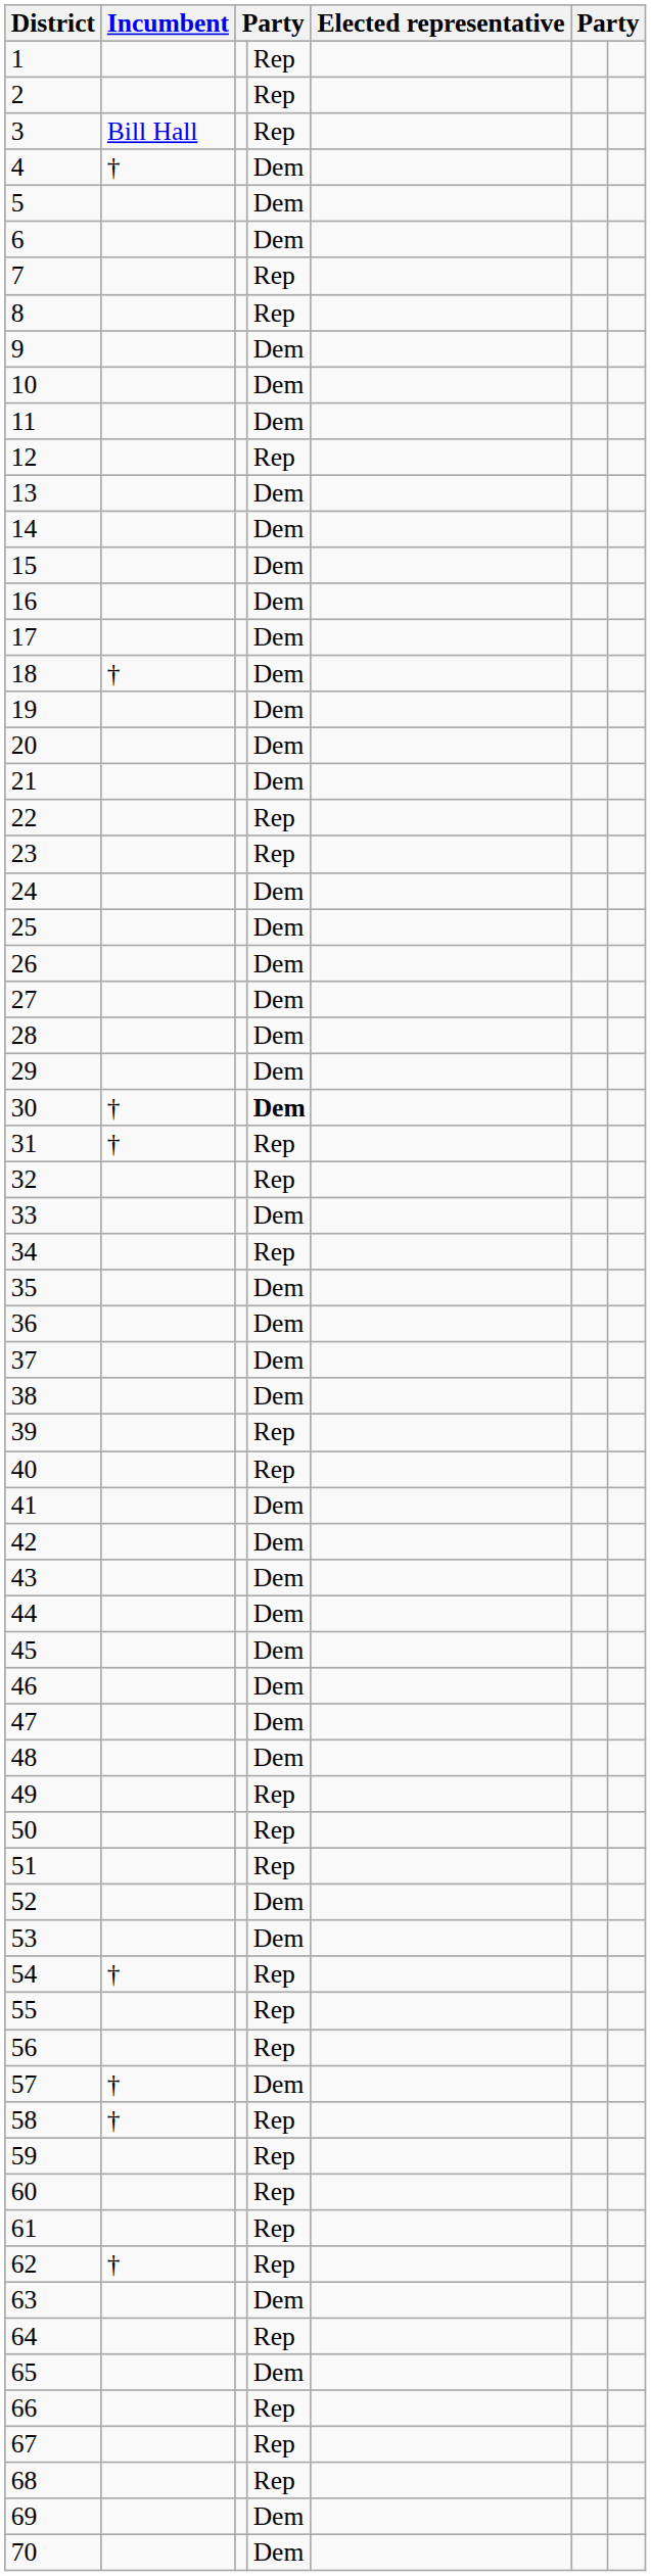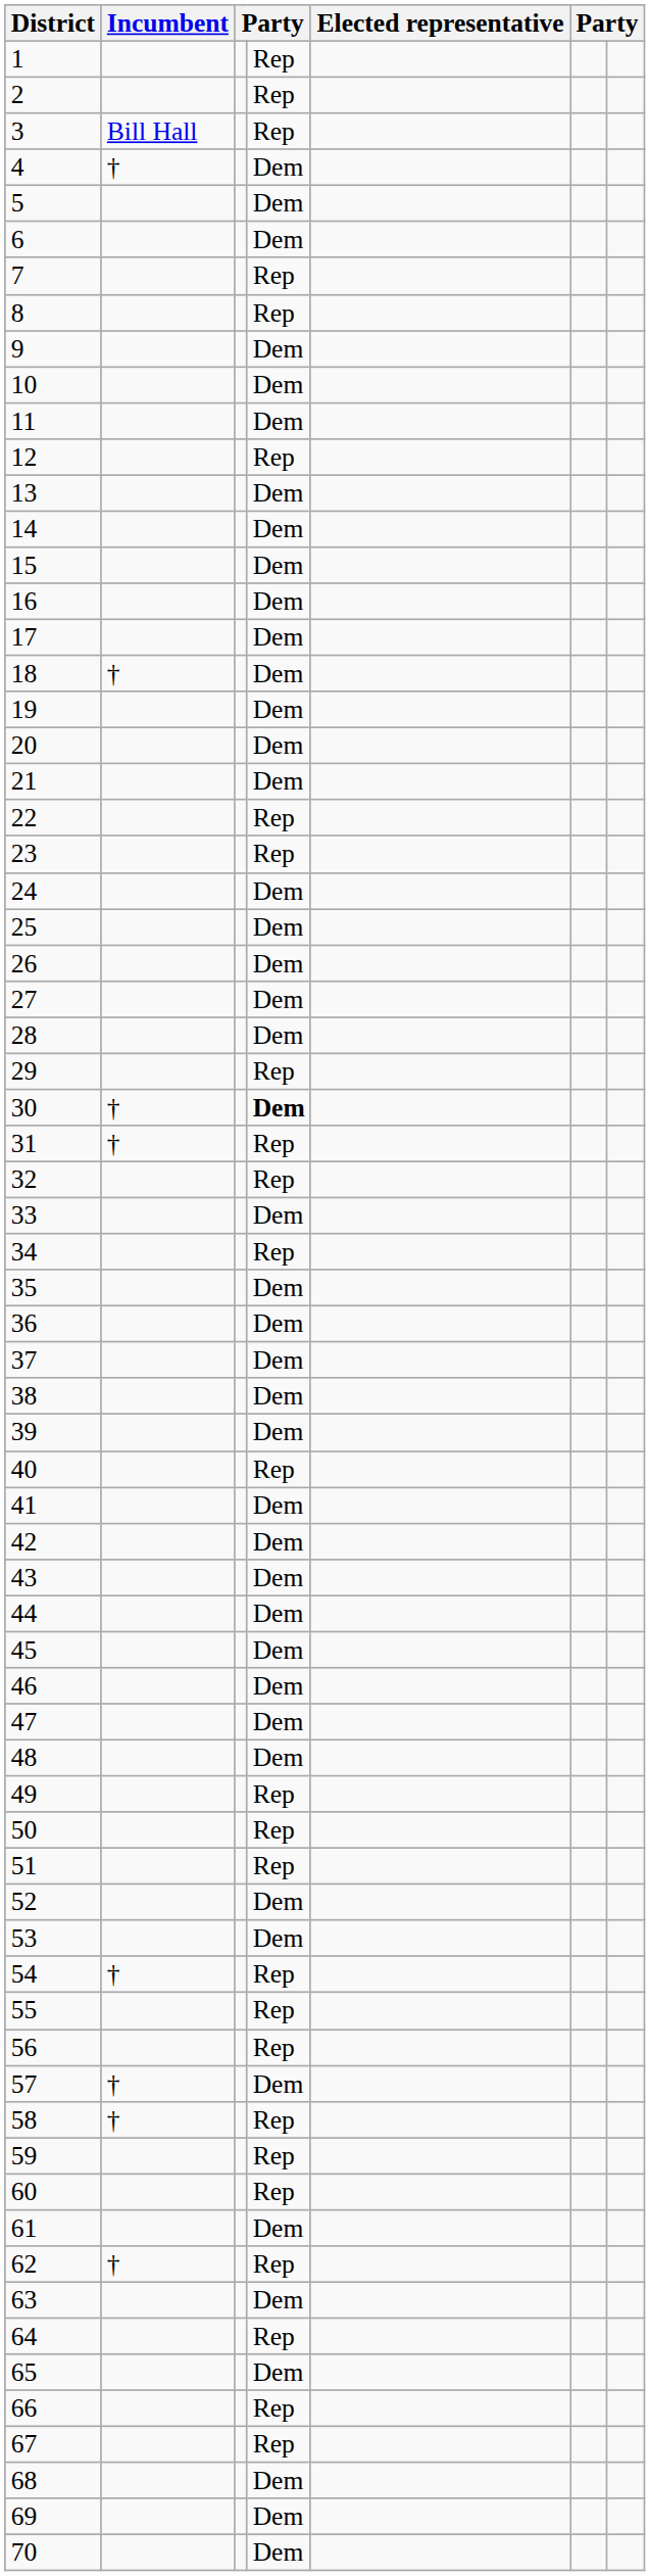 <table class="wikitable sortable" style="font-size:95%;line-height:14px;">
 <tr>
 <th>District</th>
 <th><a href='#'>Incumbent</a></th>
 <th colspan=2>Party</th>
 <th>Elected representative</th>
 <th colspan=2>Party</th>
 </tr>
 <tr>
 <td>1</td>
 <td></td>
 <td style="background:"></td>
 <td>Rep</td>
 <td></td>
 <td></td>
 <td></td>
 </tr>
 <tr>
 <td>2</td>
 <td></td>
 <td style="background:"></td>
 <td>Rep</td>
 <td></td>
 <td></td>
 <td></td>
 </tr>
 <tr>
 <td>3</td>
 <td><a href='#'>Bill Hall</a></td>
 <td style="background:"></td>
 <td>Rep</td>
 <td></td>
 <td></td>
 <td></td>
 </tr>
 <tr>
 <td>4</td>
 <td>†</td>
 <td style="background:"></td>
 <td>Dem</td>
 <td></td>
 <td></td>
 <td></td>
 </tr>
 <tr>
 <td>5</td>
 <td></td>
 <td style="background:"></td>
 <td>Dem</td>
 <td></td>
 <td></td>
 <td></td>
 </tr>
 <tr>
 <td>6</td>
 <td></td>
 <td style="background:"></td>
 <td>Dem</td>
 <td></td>
 <td></td>
 <td></td>
 </tr>
 <tr>
 <td>7</td>
 <td></td>
 <td style="background:"></td>
 <td>Rep</td>
 <td></td>
 <td></td>
 <td></td>
 </tr>
 <tr>
 <td>8</td>
 <td></td>
 <td style="background:"></td>
 <td>Rep</td>
 <td></td>
 <td></td>
 <td></td>
 </tr>
 <tr>
 <td>9</td>
 <td></td>
 <td style="background:"></td>
 <td>Dem</td>
 <td></td>
 <td></td>
 <td></td>
 </tr>
 <tr>
 <td>10</td>
 <td></td>
 <td style="background:"></td>
 <td>Dem</td>
 <td></td>
 <td></td>
 <td></td>
 </tr>
 <tr>
 <td>11</td>
 <td></td>
 <td style="background:"></td>
 <td>Dem</td>
 <td></td>
 <td></td>
 <td></td>
 </tr>
 <tr>
 <td>12</td>
 <td></td>
 <td style="background:"></td>
 <td>Rep</td>
 <td></td>
 <td></td>
 <td></td>
 </tr>
 <tr>
 <td>13</td>
 <td></td>
 <td style="background:"></td>
 <td>Dem</td>
 <td></td>
 <td></td>
 <td></td>
 </tr>
 <tr>
 <td>14</td>
 <td></td>
 <td style="background:"></td>
 <td>Dem</td>
 <td></td>
 <td></td>
 <td></td>
 </tr>
 <tr>
 <td>15</td>
 <td></td>
 <td style="background:"></td>
 <td>Dem</td>
 <td></td>
 <td></td>
 <td></td>
 </tr>
 <tr>
 <td>16</td>
 <td></td>
 <td style="background:"></td>
 <td>Dem</td>
 <td></td>
 <td></td>
 <td></td>
 </tr>
 <tr>
 <td>17</td>
 <td></td>
 <td style="background:"></td>
 <td>Dem</td>
 <td></td>
 <td></td>
 <td></td>
 </tr>
 <tr>
 <td>18</td>
 <td>†</td>
 <td style="background:"></td>
 <td>Dem</td>
 <td></td>
 <td></td>
 <td></td>
 </tr>
 <tr>
 <td>19</td>
 <td></td>
 <td style="background:"></td>
 <td>Dem</td>
 <td></td>
 <td></td>
 <td></td>
 </tr>
 <tr>
 <td>20</td>
 <td></td>
 <td style="background:"></td>
 <td>Dem</td>
 <td></td>
 <td></td>
 <td></td>
 </tr>
 <tr>
 <td>21</td>
 <td></td>
 <td style="background:"></td>
 <td>Dem</td>
 <td></td>
 <td></td>
 <td></td>
 </tr>
 <tr>
 <td>22</td>
 <td></td>
 <td style="background:"></td>
 <td>Rep</td>
 <td></td>
 <td></td>
 <td></td>
 </tr>
 <tr>
 <td>23</td>
 <td></td>
 <td style="background:"></td>
 <td>Rep</td>
 <td></td>
 <td></td>
 <td></td>
 </tr>
 <tr>
 <td>24</td>
 <td></td>
 <td style="background:"></td>
 <td>Dem</td>
 <td></td>
 <td></td>
 <td></td>
 </tr>
 <tr>
 <td>25</td>
 <td></td>
 <td style="background:"></td>
 <td>Dem</td>
 <td></td>
 <td></td>
 <td></td>
 </tr>
 <tr>
 <td>26</td>
 <td></td>
 <td style="background:"></td>
 <td>Dem</td>
 <td></td>
 <td></td>
 <td></td>
 </tr>
 <tr>
 <td>27</td>
 <td></td>
 <td style="background:"></td>
 <td>Dem</td>
 <td></td>
 <td></td>
 <td></td>
 </tr>
 <tr>
 <td>28</td>
 <td></td>
 <td style="background:"></td>
 <td>Dem</td>
 <td></td>
 <td></td>
 <td></td>
 </tr>
 <tr>
 <td>29</td>
 <td></td>
 <td style="background:"></td>
-<td>Dem</td>
+<td>Rep</td>
 <td></td>
 <td></td>
 <td></td>
 </tr>
 <tr>
 <td>30</td>
 <td>†</td>
 <td style="background:"></td>
 <td><strong>Dem</strong></td>
 <td></td>
 <td></td>
 <td></td>
 </tr>
 <tr>
 <td>31</td>
 <td>†</td>
 <td style="background:"></td>
 <td>Rep</td>
 <td></td>
 <td></td>
 <td></td>
 </tr>
 <tr>
 <td>32</td>
 <td></td>
 <td style="background:"></td>
 <td>Rep</td>
 <td></td>
 <td></td>
 <td></td>
 </tr>
 <tr>
 <td>33</td>
 <td></td>
 <td style="background:"></td>
 <td>Dem</td>
 <td></td>
 <td></td>
 <td></td>
 </tr>
 <tr>
 <td>34</td>
 <td></td>
 <td style="background:"></td>
 <td>Rep</td>
 <td></td>
 <td></td>
 <td></td>
 </tr>
 <tr>
 <td>35</td>
 <td></td>
 <td style="background:"></td>
 <td>Dem</td>
 <td></td>
 <td></td>
 <td></td>
 </tr>
 <tr>
 <td>36</td>
 <td></td>
 <td style="background:"></td>
 <td>Dem</td>
 <td></td>
 <td></td>
 <td></td>
 </tr>
 <tr>
 <td>37</td>
 <td></td>
 <td style="background:"></td>
 <td>Dem</td>
 <td></td>
 <td></td>
 <td></td>
 </tr>
 <tr>
 <td>38</td>
 <td></td>
 <td style="background:"></td>
 <td>Dem</td>
 <td></td>
 <td></td>
 <td></td>
 </tr>
 <tr>
 <td>39</td>
 <td></td>
 <td style="background:"></td>
-<td>Rep</td>
+<td>Dem</td>
 <td></td>
 <td></td>
 <td></td>
 </tr>
 <tr>
 <td>40</td>
 <td></td>
 <td style="background:"></td>
 <td>Rep</td>
 <td></td>
 <td></td>
 <td></td>
 </tr>
 <tr>
 <td>41</td>
 <td></td>
 <td style="background:"></td>
 <td>Dem</td>
 <td></td>
 <td></td>
 <td></td>
 </tr>
 <tr>
 <td>42</td>
 <td></td>
 <td style="background:"></td>
 <td>Dem</td>
 <td></td>
 <td></td>
 <td></td>
 </tr>
 <tr>
 <td>43</td>
 <td></td>
 <td style="background:"></td>
 <td>Dem</td>
 <td></td>
 <td></td>
 <td></td>
 </tr>
 <tr>
 <td>44</td>
 <td></td>
 <td style="background:"></td>
 <td>Dem</td>
 <td></td>
 <td></td>
 <td></td>
 </tr>
 <tr>
 <td>45</td>
 <td></td>
 <td style="background:"></td>
 <td>Dem</td>
 <td></td>
 <td></td>
 <td></td>
 </tr>
 <tr>
 <td>46</td>
 <td></td>
 <td style="background:"></td>
 <td>Dem</td>
 <td></td>
 <td></td>
 <td></td>
 </tr>
 <tr>
 <td>47</td>
 <td></td>
 <td style="background:"></td>
 <td>Dem</td>
 <td></td>
 <td></td>
 <td></td>
 </tr>
 <tr>
 <td>48</td>
 <td></td>
 <td style="background:"></td>
 <td>Dem</td>
 <td></td>
 <td></td>
 <td></td>
 </tr>
 <tr>
 <td>49</td>
 <td></td>
 <td style="background:"></td>
 <td>Rep</td>
 <td></td>
 <td></td>
 <td></td>
 </tr>
 <tr>
 <td>50</td>
 <td></td>
 <td style="background:"></td>
 <td>Rep</td>
 <td></td>
 <td></td>
 <td></td>
 </tr>
 <tr>
 <td>51</td>
 <td></td>
 <td style="background:"></td>
 <td>Rep</td>
 <td></td>
 <td></td>
 <td></td>
 </tr>
 <tr>
 <td>52</td>
 <td></td>
 <td style="background:"></td>
 <td>Dem</td>
 <td></td>
 <td></td>
 <td></td>
 </tr>
 <tr>
 <td>53</td>
 <td></td>
 <td style="background:"></td>
 <td>Dem</td>
 <td></td>
 <td></td>
 <td></td>
 </tr>
 <tr>
 <td>54</td>
 <td>†</td>
 <td style="background:"></td>
 <td>Rep</td>
 <td></td>
 <td></td>
 <td></td>
 </tr>
 <tr>
 <td>55</td>
 <td></td>
 <td style="background:"></td>
 <td>Rep</td>
 <td></td>
 <td></td>
 <td></td>
 </tr>
 <tr>
 <td>56</td>
 <td></td>
 <td style="background:"></td>
 <td>Rep</td>
 <td></td>
 <td></td>
 <td></td>
 </tr>
 <tr>
 <td>57</td>
 <td>†</td>
 <td style="background:"></td>
 <td>Dem</td>
 <td></td>
 <td></td>
 <td></td>
 </tr>
 <tr>
 <td>58</td>
 <td>†</td>
 <td style="background:"></td>
 <td>Rep</td>
 <td></td>
 <td></td>
 <td></td>
 </tr>
 <tr>
 <td>59</td>
 <td></td>
 <td style="background:"></td>
 <td>Rep</td>
 <td></td>
 <td></td>
 <td></td>
 </tr>
 <tr>
 <td>60</td>
 <td></td>
 <td style="background:"></td>
 <td>Rep</td>
 <td></td>
 <td></td>
 <td></td>
 </tr>
 <tr>
 <td>61</td>
 <td></td>
 <td style="background:"></td>
-<td>Rep</td>
+<td>Dem</td>
 <td></td>
 <td></td>
 <td></td>
 </tr>
 <tr>
 <td>62</td>
 <td>†</td>
 <td style="background:"></td>
 <td>Rep</td>
 <td></td>
 <td></td>
 <td></td>
 </tr>
 <tr>
 <td>63</td>
 <td></td>
 <td style="background:"></td>
 <td>Dem</td>
 <td></td>
 <td></td>
 <td></td>
 </tr>
 <tr>
 <td>64</td>
 <td></td>
 <td style="background:"></td>
 <td>Rep</td>
 <td></td>
 <td></td>
 <td></td>
 </tr>
 <tr>
 <td>65</td>
 <td></td>
 <td style="background:"></td>
 <td>Dem</td>
 <td></td>
 <td></td>
 <td></td>
 </tr>
 <tr>
 <td>66</td>
 <td></td>
 <td style="background:"></td>
 <td>Rep</td>
 <td></td>
 <td></td>
 <td></td>
 </tr>
 <tr>
 <td>67</td>
 <td></td>
 <td style="background:"></td>
 <td>Rep</td>
 <td></td>
 <td></td>
 <td></td>
 </tr>
 <tr>
 <td>68</td>
 <td></td>
 <td style="background:"></td>
-<td>Rep</td>
+<td>Dem</td>
 <td></td>
 <td></td>
 <td></td>
 </tr>
 <tr>
 <td>69</td>
 <td></td>
 <td style="background:"></td>
 <td>Dem</td>
 <td></td>
 <td></td>
 <td></td>
 </tr>
 <tr>
 <td>70</td>
 <td></td>
 <td style="background:"></td>
 <td>Dem</td>
 <td></td>
 <td></td>
 <td></td>
 </tr>
 </table>
